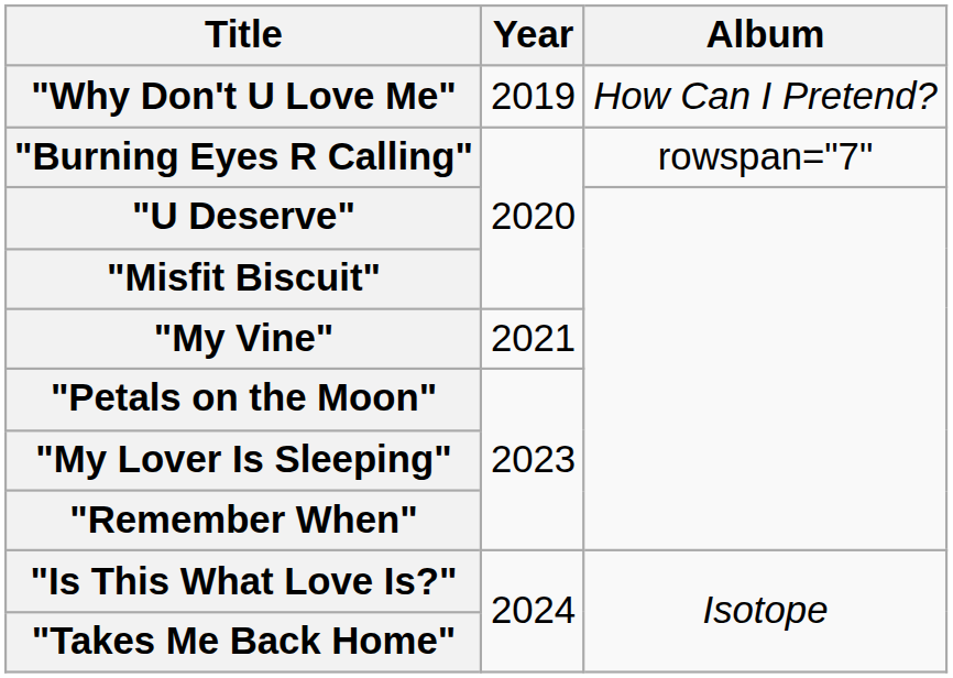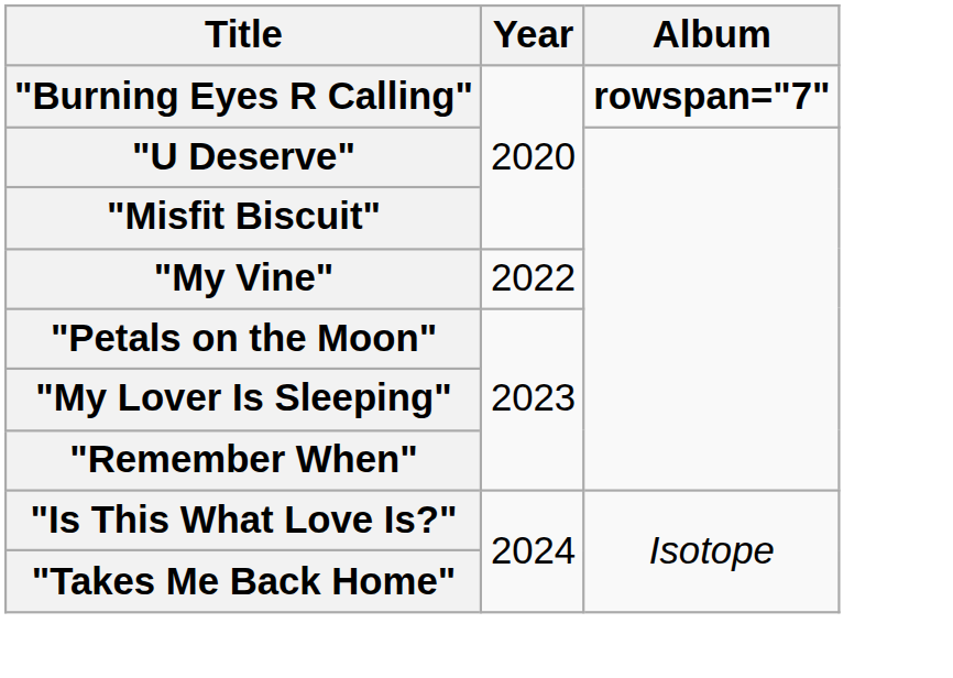 <table class="wikitable plainrowheaders" style="text-align:center">
 <tr>
 <th>Title</th>
 <th>Year</th>
 <th>Album</th>
 </tr>
 <tr>
-<th scope="row">"Why Don't U Love Me"</th>
-<td>2019</td>
-<td rowspan="1"><em>How Can I Pretend?</em></td>
-</tr>
-<tr>
 <th scope="row">"Burning Eyes R Calling"</th>
 <td rowspan="3">2020</td>
-<td>rowspan="7" </td>
+<td><strong>rowspan="7" </strong></td>
 </tr>
 <tr>
 <th scope="row">"U Deserve"</th>
 </tr>
 <tr>
 <th scope="row">"Misfit Biscuit"</th>
 </tr>
 <tr>
 <th scope="row">"My Vine"</th>
-<td>2021</td>
+<td>2022</td>
 </tr>
 <tr>
 <th scope="row">"Petals on the Moon"</th>
 <td rowspan="3">2023</td>
 </tr>
 <tr>
 <th scope="row">"My Lover Is Sleeping"</th>
 </tr>
 <tr>
 <th scope="row">"Remember When"</th>
 </tr>
 <tr>
 <th scope="row">"Is This What Love Is?"</th>
 <td rowspan="2">2024</td>
 <td rowspan="2"><em> Isotope</em></td>
 </tr>
 <tr>
 <th scope="row">"Takes Me Back Home"</th>
 </tr>
 </table>
